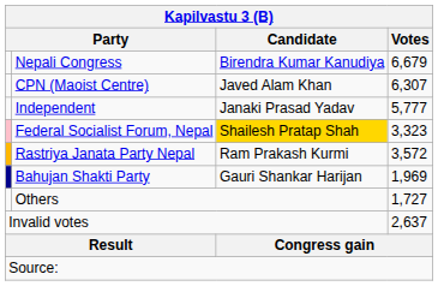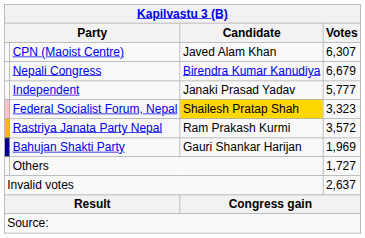 <table class="wikitable">
 <tr>
 <th colspan="4"><a href='#'>Kapilvastu 3 (B)</a></th>
 </tr>
 <tr>
 <th colspan="2">Party</th>
 <th>Candidate</th>
 <th>Votes</th>
 </tr>
 <tr>
 <td style="background-color:"></td>
+<td><a href='#'>CPN (Maoist Centre)</a></td>
+<td>Javed Alam Khan</td>
+<td>6,307</td>
+</tr>
+<tr>
+<td style="background-color:"></td>
 <td><a href='#'>Nepali Congress</a></td>
 <td><a href='#'>Birendra Kumar Kanudiya</a></td>
 <td>6,679</td>
-</tr>
-<tr>
-<td style="background-color:"></td>
-<td><a href='#'>CPN (Maoist Centre)</a></td>
-<td>Javed Alam Khan</td>
-<td>6,307</td>
 </tr>
 <tr>
 <td style="background-color:"></td>
 <td><a href='#'>Independent</a></td>
 <td>Janaki Prasad Yadav</td>
 <td>5,777</td>
 </tr>
 <tr>
 <td style="background-color:pink"></td>
 <td><a href='#'>Federal Socialist Forum, Nepal</a></td>
 <td style="background: gold;">Shailesh Pratap Shah</td>
 <td>3,323</td>
 </tr>
 <tr>
 <td style="background-color:#ffb700"></td>
 <td><a href='#'>Rastriya Janata Party Nepal</a></td>
 <td>Ram Prakash Kurmi</td>
 <td>3,572</td>
 </tr>
 <tr>
 <td style="background-color:darkblue"></td>
 <td><a href='#'>Bahujan Shakti Party</a></td>
 <td>Gauri Shankar Harijan</td>
 <td>1,969</td>
 </tr>
 <tr>
 <td></td>
 <td colspan="2">Others</td>
 <td>1,727</td>
 </tr>
 <tr>
 <td colspan="3">Invalid votes</td>
 <td>2,637</td>
 </tr>
 <tr>
 <th colspan="2">Result</th>
 <th colspan="2">Congress gain</th>
 </tr>
 <tr>
 <td colspan="4">Source: </td>
 </tr>
 </table>
